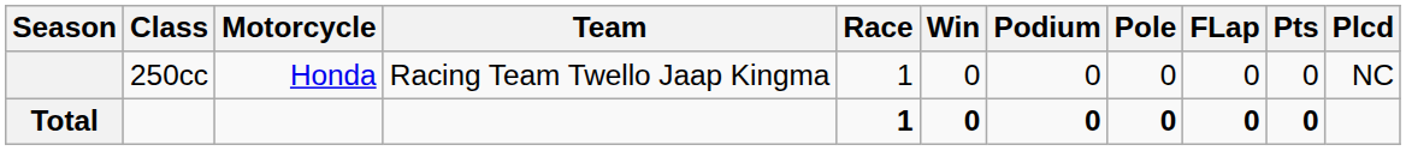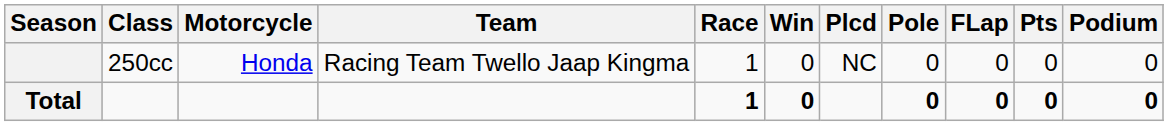 <table class="wikitable" style=text-align:right>
 <tr>
 <th>Season</th>
 <th>Class</th>
 <th>Motorcycle</th>
 <th>Team</th>
 <th>Race</th>
 <th>Win</th>
-<th>Podium</th>
+<th>Plcd</th>
 <th>Pole</th>
 <th>FLap</th>
 <th>Pts</th>
-<th>Plcd</th>
+<th>Podium</th>
 </tr>
 <tr>
 <th></th>
 <td>250cc</td>
 <td><a href='#'>Honda</a></td>
 <td>Racing Team Twello Jaap Kingma</td>
 <td>1</td>
 <td>0</td>
+<td>NC</td>
 <td>0</td>
 <td>0</td>
 <td>0</td>
 <td>0</td>
-<td>NC</td>
 </tr>
 <tr>
 <th>Total</th>
 <td></td>
 <td></td>
 <td></td>
 <td><strong>1</strong></td>
 <td><strong>0</strong></td>
+<td></td>
 <td><strong>0</strong></td>
 <td><strong>0</strong></td>
 <td><strong>0</strong></td>
 <td><strong>0</strong></td>
-<td></td>
 </tr>
 </table>
